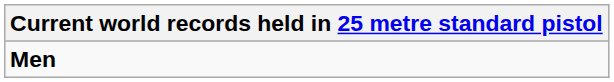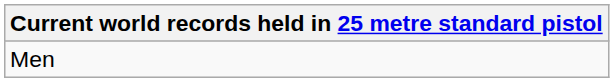 <table class="wikitable" style="font-size: 95%">
 <tr>
 <th colspan=7>Current world records held in <a href='#'>25 metre standard pistol</a></th>
 </tr>
 <tr>
-<td><strong>Men<br></strong></td>
+<td>Men<br></td>
 </tr>
 </table>
